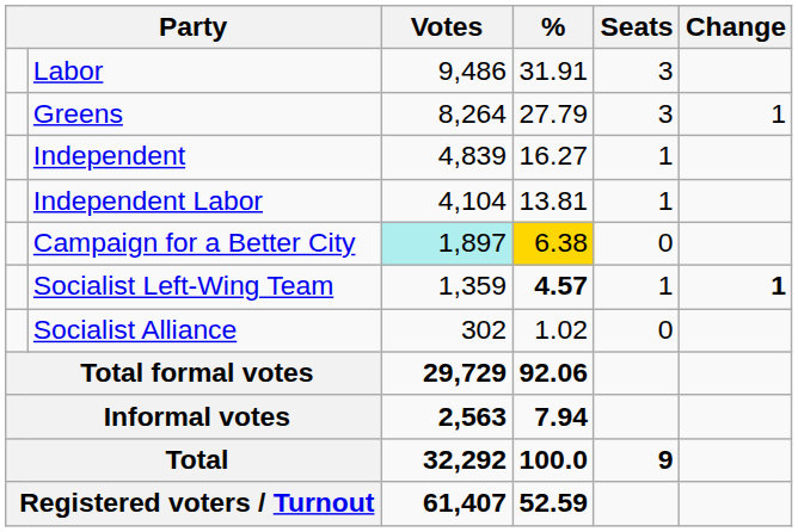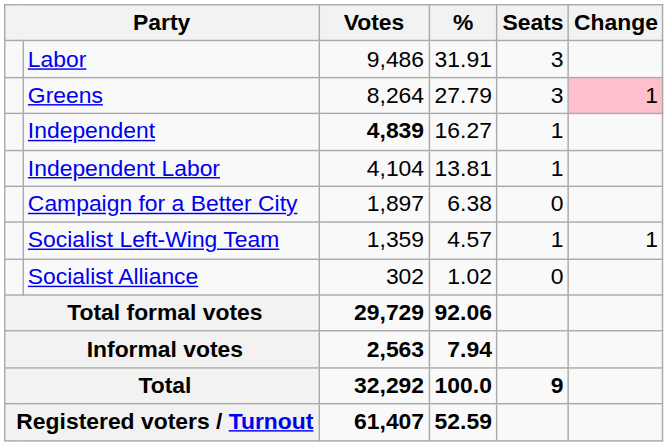 <table class="wikitable" style="text-align:right; margin-bottom:0">
 <tr>
 <th style="width:10px" colspan=3>Party</th>
 <th style="width:70px;">Votes</th>
 <th style="width:40px;">%</th>
 <th style="width:40px;">Seats</th>
 <th style="width:40px;">Change</th>
 </tr>
 <tr>
 <td> </td>
 <td style="text-align:left;" colspan="2"><a href='#'>Labor</a></td>
 <td>9,486</td>
 <td>31.91</td>
 <td>3</td>
 <td></td>
 </tr>
 <tr>
 <td> </td>
 <td style="text-align:left;" colspan="2"><a href='#'>Greens</a></td>
 <td>8,264</td>
 <td>27.79</td>
 <td>3</td>
-<td> 1</td>
+<td style="background: pink;"> 1</td>
 </tr>
 <tr>
 <td> </td>
 <td style="text-align:left;" colspan="2"><a href='#'>Independent</a></td>
-<td style="width:70px;">4,839</td>
+<td style="width:70px;"><strong>4,839</strong></td>
 <td style="width:40px;">16.27</td>
 <td style="width:40px;">1</td>
 <td style="width:55px;"></td>
 </tr>
 <tr>
 <td> </td>
 <td style="text-align:left;" colspan="2"><a href='#'>Independent Labor</a></td>
 <td>4,104</td>
 <td>13.81</td>
 <td>1</td>
 <td></td>
 </tr>
 <tr>
 <td> </td>
 <td style="text-align:left;" colspan="2"><a href='#'>Campaign for a Better City</a></td>
-<td style="background: paleturquoise;">1,897</td>
-<td style="background: gold;">6.38</td>
+<td>1,897</td>
+<td>6.38</td>
 <td>0</td>
 <td></td>
 </tr>
 <tr>
 <td> </td>
 <td style="text-align:left;" colspan="2"><a href='#'>Socialist Left-Wing Team</a></td>
 <td>1,359</td>
-<td><strong>4.57</strong></td>
+<td>4.57</td>
 <td>1</td>
-<td><strong> 1</strong></td>
+<td> 1</td>
 </tr>
 <tr>
 <td> </td>
 <td style="text-align:left;" colspan="2"><a href='#'>Socialist Alliance</a></td>
 <td>302</td>
 <td>1.02</td>
 <td>0</td>
 <td></td>
 </tr>
 <tr>
 <th colspan="3" rowspan="1"> Total formal votes</th>
 <td><strong>29,729</strong></td>
 <td><strong>92.06</strong></td>
 <td></td>
 <td></td>
 </tr>
 <tr>
 <th colspan="3" rowspan="1"> Informal votes</th>
 <td><strong>2,563</strong></td>
 <td><strong>7.94</strong></td>
 <td></td>
 <td></td>
 </tr>
 <tr>
 <th colspan="3" rowspan="1"> Total</th>
 <td><strong>32,292</strong></td>
 <td><strong>100.0</strong></td>
 <td><strong>9</strong></td>
 <td></td>
 </tr>
 <tr>
 <th colspan="3" rowspan="1"> Registered voters / <a href='#'>Turnout</a></th>
 <td><strong>61,407</strong></td>
 <td><strong>52.59</strong></td>
 <td></td>
 <td></td>
 </tr>
 </table>
